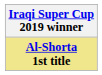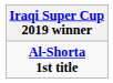 <table class="wikitable" style="text-align: center; margin: 0 auto;">
 <tr>
 <th><a href='#'>Iraqi Super Cup</a><br>2019 winner</th>
 </tr>
 <tr>
-<td style="background: khaki;"><strong><a href='#'>Al-Shorta</a></strong><br><strong>1st title</strong></td>
+<td><strong><a href='#'>Al-Shorta</a></strong><br><strong>1st title</strong></td>
 </tr>
 </table>
